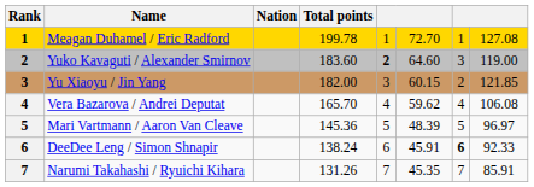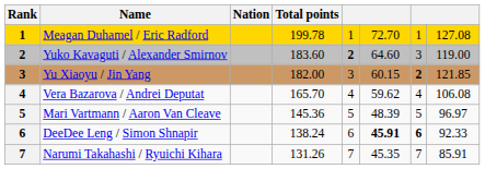 <table class="wikitable sortable">
 <tr>
 <th>Rank</th>
 <th>Name</th>
 <th>Nation</th>
 <th>Total points</th>
 <th colspan="2" width="80px"></th>
 <th colspan="2" width="80px"></th>
 </tr>
 <tr bgcolor="gold">
 <td align="center"><strong>1</strong></td>
 <td><a href='#'>Meagan Duhamel</a> / <a href='#'>Eric Radford</a></td>
 <td></td>
 <td align="center">199.78</td>
 <td align="center">1</td>
 <td align="center">72.70</td>
 <td align="center">1</td>
 <td align="center">127.08</td>
 </tr>
 <tr bgcolor="silver">
 <td align="center"><strong>2</strong></td>
 <td><a href='#'>Yuko Kavaguti</a> / <a href='#'>Alexander Smirnov</a></td>
 <td></td>
 <td align="center">183.60</td>
 <td align="center"><strong>2</strong></td>
 <td align="center">64.60</td>
 <td align="center">3</td>
 <td align="center">119.00</td>
 </tr>
 <tr bgcolor="cc9966">
 <td align="center"><strong>3</strong></td>
 <td><a href='#'>Yu Xiaoyu</a> / <a href='#'>Jin Yang</a></td>
 <td></td>
 <td align="center">182.00</td>
 <td align="center">3</td>
 <td align="center">60.15</td>
-<td align="center">2</td>
+<td align="center"><strong>2</strong></td>
 <td align="center">121.85</td>
 </tr>
 <tr>
 <th>4</th>
 <td><a href='#'>Vera Bazarova</a> / <a href='#'>Andrei Deputat</a></td>
 <td></td>
 <td align="center">165.70</td>
 <td align="center">4</td>
 <td align="center">59.62</td>
 <td align="center">4</td>
 <td align="center">106.08</td>
 </tr>
 <tr>
 <th>5</th>
 <td><a href='#'>Mari Vartmann</a> / <a href='#'>Aaron Van Cleave</a></td>
 <td></td>
 <td align="center">145.36</td>
 <td align="center">5</td>
 <td align="center">48.39</td>
 <td align="center">5</td>
 <td align="center">96.97</td>
 </tr>
 <tr>
 <th>6</th>
 <td><a href='#'>DeeDee Leng</a> / <a href='#'>Simon Shnapir</a></td>
 <td></td>
 <td align="center">138.24</td>
 <td align="center">6</td>
-<td align="center">45.91</td>
+<td align="center"><strong>45.91</strong></td>
 <td align="center"><strong>6</strong></td>
 <td align="center">92.33</td>
 </tr>
 <tr>
 <th>7</th>
 <td><a href='#'>Narumi Takahashi</a> / <a href='#'>Ryuichi Kihara</a></td>
 <td></td>
 <td align="center">131.26</td>
 <td align="center">7</td>
 <td align="center">45.35</td>
 <td align="center">7</td>
 <td align="center">85.91</td>
 </tr>
 </table>
